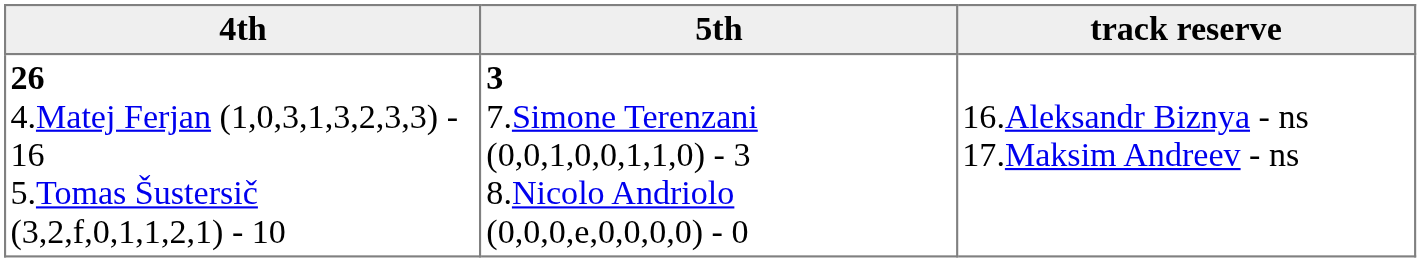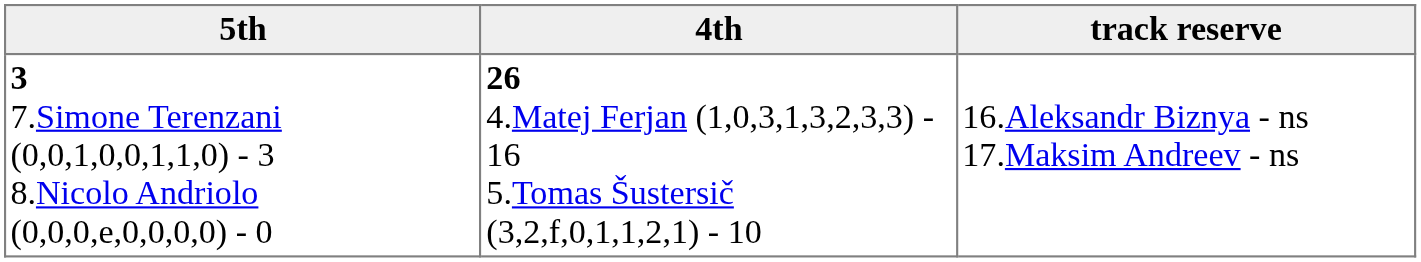 <table border=1 cellpadding=2 cellspacing=0 width=75% style="border-collapse:collapse">
 <tr align=left style="background:#efefef;">
+<th width=15% align=center>5th</th>
 <th width=15% align=center>4th</th>
-<th width=15% align=center>5th</th>
 <th width=15% align=center>track reserve</th>
 </tr>
 <tr align=left>
+<td valign=top align=left><strong> 3</strong><br>7.<a href='#'>Simone Terenzani</a> (0,0,1,0,0,1,1,0) - 3<br>8.<a href='#'>Nicolo Andriolo</a> (0,0,0,e,0,0,0,0) - 0</td>
 <td valign=top align=left><strong> 26</strong><br>4.<a href='#'>Matej Ferjan</a> (1,0,3,1,3,2,3,3) - 16<br>5.<a href='#'>Tomas Šustersič</a> (3,2,f,0,1,1,2,1) - 10</td>
-<td valign=top align=left><strong> 3</strong><br>7.<a href='#'>Simone Terenzani</a> (0,0,1,0,0,1,1,0) - 3<br>8.<a href='#'>Nicolo Andriolo</a> (0,0,0,e,0,0,0,0) - 0</td>
 <td valign=top align=left><br>16.<a href='#'>Aleksandr Biznya</a> - ns<br>17.<a href='#'>Maksim Andreev</a> - ns</td>
 </tr>
 </table>
